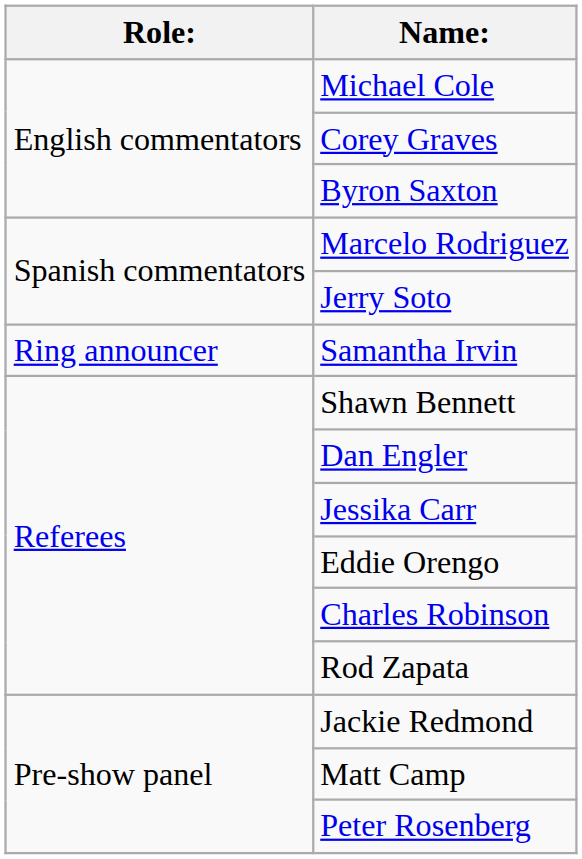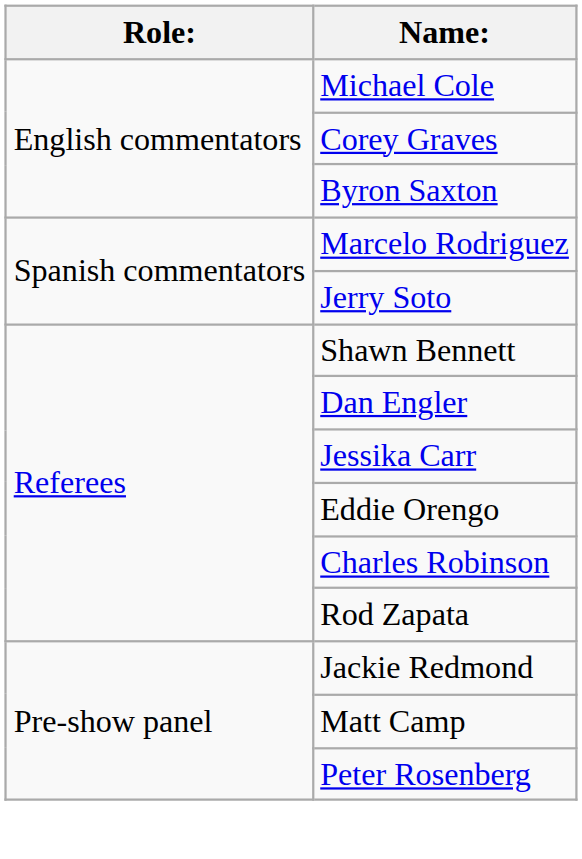 <table class=wikitable style="font-size:90%; margin: 0.5em 0 0.5em 1em; float: right; clear: right;">
 <tr>
 <th>Role:</th>
 <th>Name:</th>
 </tr>
 <tr>
 <td rowspan=3>English commentators</td>
 <td><a href='#'>Michael Cole</a></td>
 </tr>
 <tr>
 <td><a href='#'>Corey Graves</a></td>
 </tr>
 <tr>
 <td><a href='#'>Byron Saxton</a></td>
 </tr>
 <tr>
 <td rowspan=2>Spanish commentators</td>
 <td><a href='#'>Marcelo Rodriguez</a></td>
 </tr>
 <tr>
 <td><a href='#'>Jerry Soto</a></td>
-</tr>
-<tr>
-<td rowspan=1><a href='#'>Ring announcer</a></td>
-<td><a href='#'>Samantha Irvin</a></td>
 </tr>
 <tr>
 <td rowspan=6><a href='#'>Referees</a></td>
 <td>Shawn Bennett</td>
 </tr>
 <tr>
 <td><a href='#'>Dan Engler</a></td>
 </tr>
 <tr>
 <td><a href='#'>Jessika Carr</a></td>
 </tr>
 <tr>
 <td>Eddie Orengo</td>
 </tr>
 <tr>
 <td><a href='#'>Charles Robinson</a></td>
 </tr>
 <tr>
 <td>Rod Zapata</td>
 </tr>
 <tr>
 <td rowspan="3">Pre-show panel</td>
 <td>Jackie Redmond</td>
 </tr>
 <tr>
 <td>Matt Camp</td>
 </tr>
 <tr>
 <td><a href='#'>Peter Rosenberg</a></td>
 </tr>
 </table>
